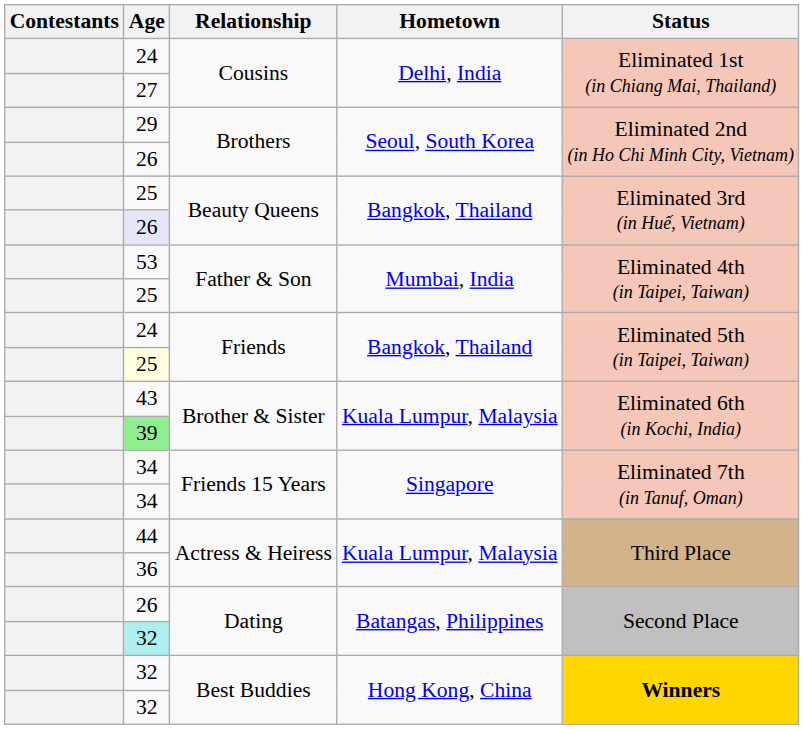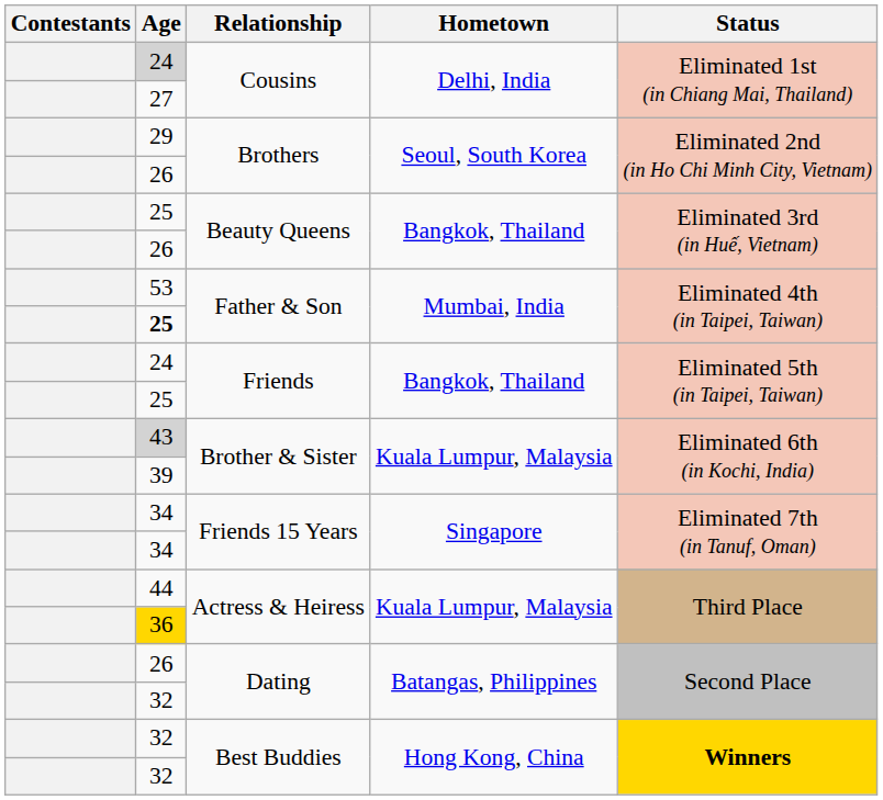 <table class="wikitable sortable" style="text-align:center;">
 <tr>
 <th scope="col">Contestants</th>
 <th scope="col">Age</th>
 <th class="unsortable" scope="col">Relationship</th>
 <th scope="col" class="unsortable">Hometown</th>
 <th scope="col">Status</th>
 </tr>
 <tr>
 <th scope="row"></th>
-<td>24</td>
+<td style="background: lightgrey;">24</td>
 <td rowspan="2">Cousins</td>
 <td rowspan="2"><a href='#'>Delhi</a>, <a href='#'>India</a></td>
 <td rowspan="2" bgcolor="f4c7b8">Eliminated 1st<br><small><em>(in Chiang Mai, Thailand)</em></small></td>
 </tr>
 <tr>
 <th scope="row"></th>
 <td>27</td>
 </tr>
 <tr>
 <th scope="row"></th>
 <td>29</td>
 <td rowspan="2">Brothers</td>
 <td rowspan="2"><a href='#'>Seoul</a>, <a href='#'>South Korea</a></td>
 <td rowspan="2" bgcolor="f4c7b8">Eliminated 2nd<br><small><em>(in Ho Chi Minh City, Vietnam)</em></small></td>
 </tr>
 <tr>
 <th scope="row"></th>
 <td>26</td>
 </tr>
 <tr>
 <th scope="row"></th>
 <td>25</td>
 <td rowspan="2">Beauty Queens</td>
 <td rowspan="2"><a href='#'>Bangkok</a>, <a href='#'>Thailand</a></td>
 <td rowspan="2" bgcolor="f4c7b8">Eliminated 3rd<br><small><em>(in Huế, Vietnam)</em></small></td>
 </tr>
 <tr>
 <th scope="row"></th>
-<td style="background: lavender;">26</td>
+<td>26</td>
 </tr>
 <tr>
 <th scope="row"></th>
 <td>53</td>
 <td rowspan="2">Father & Son</td>
 <td rowspan="2"><a href='#'>Mumbai</a>, <a href='#'>India</a></td>
 <td rowspan="2" bgcolor="f4c7b8">Eliminated 4th<br><small><em>(in Taipei, Taiwan)</em></small></td>
 </tr>
 <tr>
 <th scope="row"></th>
-<td>25</td>
+<td><strong>25</strong></td>
 </tr>
 <tr>
 <th scope="row"></th>
 <td>24</td>
 <td rowspan="2">Friends</td>
 <td rowspan="2"><a href='#'>Bangkok</a>, <a href='#'>Thailand</a></td>
 <td rowspan="2" bgcolor="f4c7b8">Eliminated 5th<br><small><em>(in Taipei, Taiwan)</em></small></td>
 </tr>
 <tr>
 <th scope="row"></th>
-<td style="background: lightyellow;">25</td>
+<td>25</td>
 </tr>
 <tr>
 <th scope="row"></th>
-<td>43</td>
+<td style="background: lightgrey;">43</td>
 <td rowspan="2">Brother & Sister</td>
 <td rowspan="2"><a href='#'>Kuala Lumpur</a>, <a href='#'>Malaysia</a></td>
 <td rowspan="2" bgcolor="f4c7b8">Eliminated 6th<br><small><em>(in Kochi, India)</em></small></td>
 </tr>
 <tr>
 <th scope="row"></th>
-<td style="background: lightgreen;">39</td>
+<td>39</td>
 </tr>
 <tr>
 <th scope="row"></th>
 <td>34</td>
 <td rowspan="2">Friends 15 Years</td>
 <td rowspan="2"><a href='#'>Singapore</a></td>
 <td rowspan="2" bgcolor="f4c7b8">Eliminated 7th<br><small><em>(in Tanuf, Oman)</em></small></td>
 </tr>
 <tr>
 <th scope="row"></th>
 <td>34</td>
 </tr>
 <tr>
 <th scope="row"></th>
 <td>44</td>
 <td rowspan="2">Actress & Heiress</td>
 <td rowspan="2"><a href='#'>Kuala Lumpur</a>, <a href='#'>Malaysia</a></td>
 <td rowspan="2" bgcolor="tan">Third Place</td>
 </tr>
 <tr>
 <th scope="row"></th>
-<td>36</td>
+<td style="background: gold;">36</td>
 </tr>
 <tr>
 <th scope="row"></th>
 <td>26</td>
 <td rowspan="2">Dating</td>
 <td rowspan="2"><a href='#'>Batangas</a>, <a href='#'>Philippines</a></td>
 <td rowspan="2" bgcolor="silver">Second Place</td>
 </tr>
 <tr>
 <th scope="row"></th>
-<td style="background: paleturquoise;">32</td>
+<td>32</td>
 </tr>
 <tr>
 <th scope="row"></th>
 <td>32</td>
 <td rowspan="2">Best Buddies</td>
 <td rowspan="2"><a href='#'>Hong Kong</a>, <a href='#'>China</a></td>
 <td rowspan="2" bgcolor="gold"><strong>Winners</strong></td>
 </tr>
 <tr>
 <th scope="row"></th>
 <td>32</td>
 </tr>
 </table>
